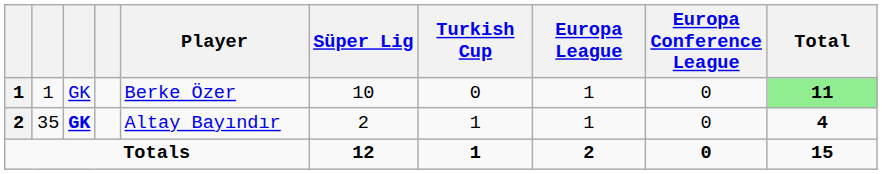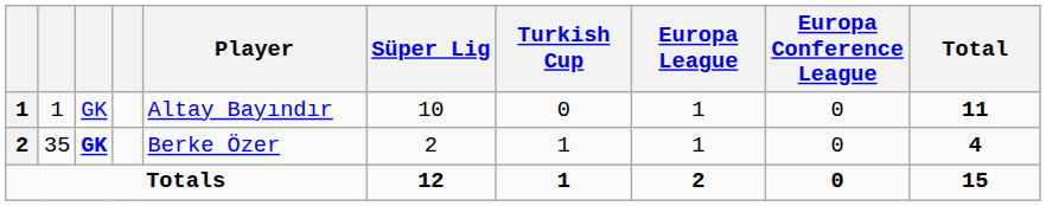 <table class="wikitable" style="text-align:center">
 <tr>
 <th width=15></th>
 <th width=15></th>
 <th width=15></th>
 <th width=15></th>
 <th width=145>Player</th>
 <th width=80><a href='#'>Süper Lig</a></th>
 <th width=80><a href='#'>Turkish Cup</a></th>
 <th width=80><a href='#'>Europa League</a></th>
 <th width=80><a href='#'>Europa Conference League</a></th>
 <th width=80>Total</th>
 </tr>
 <tr>
 <th>1</th>
 <td>1</td>
 <td><a href='#'>GK</a></td>
 <td></td>
-<td align=left><a href='#'>Berke Özer</a></td>
+<td align=left><a href='#'>Altay Bayındır</a></td>
 <td>10</td>
 <td>0</td>
 <td>1</td>
 <td>0</td>
-<td style="background: lightgreen;"><strong>11</strong></td>
+<td><strong>11</strong></td>
 </tr>
 <tr>
 <th>2</th>
 <td>35</td>
 <td><strong><a href='#'>GK</a></strong></td>
 <td></td>
-<td align=left><a href='#'>Altay Bayındır</a></td>
+<td align=left><a href='#'>Berke Özer</a></td>
 <td>2</td>
 <td>1</td>
 <td>1</td>
 <td>0</td>
 <td><strong>4</strong></td>
 </tr>
 <tr>
 <td colspan=5><strong>Totals</strong></td>
 <td><strong>12</strong></td>
 <td><strong>1</strong></td>
 <td><strong>2</strong></td>
 <td><strong>0</strong></td>
 <td><strong>15</strong></td>
 </tr>
 </table>
